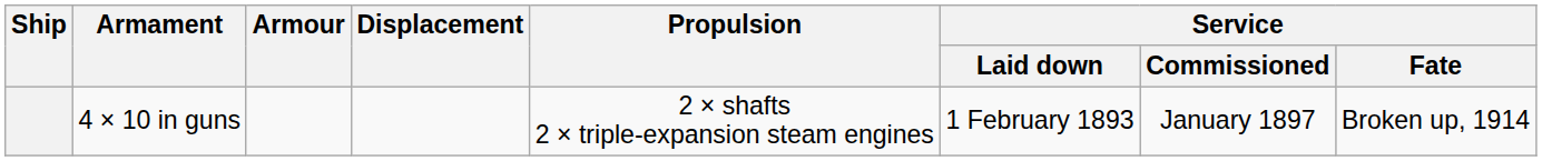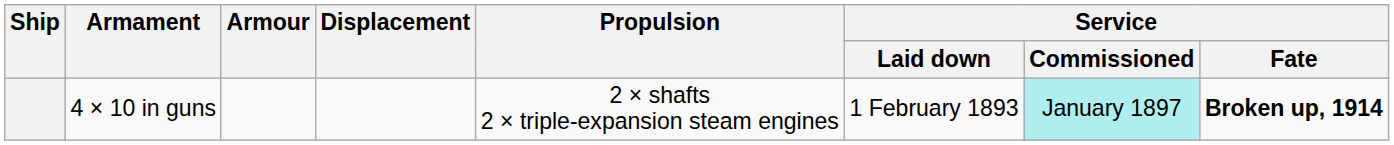 <table class="wikitable plainrowheaders" style="text-align: center;">
 <tr valign="top">
 <th scope="col" rowspan="2">Ship</th>
 <th scope="col" rowspan="2">Armament</th>
 <th scope="col" rowspan="2">Armour</th>
 <th scope="col" rowspan="2">Displacement</th>
 <th scope="col" rowspan="2">Propulsion</th>
 <th scope="col" colspan="3">Service</th>
 </tr>
 <tr valign="top">
 <th scope="col">Laid down</th>
 <th scope="col">Commissioned</th>
 <th scope="col">Fate</th>
 </tr>
 <tr valign="center">
 <th scope="row"></th>
 <td>4 × 10 in guns</td>
 <td></td>
 <td></td>
 <td>2 × shafts<br> 2 × triple-expansion steam engines<br></td>
 <td>1 February 1893</td>
-<td>January 1897</td>
-<td>Broken up, 1914</td>
+<td style="background: paleturquoise;">January 1897</td>
+<td><strong>Broken up, 1914</strong></td>
 </tr>
 </table>
